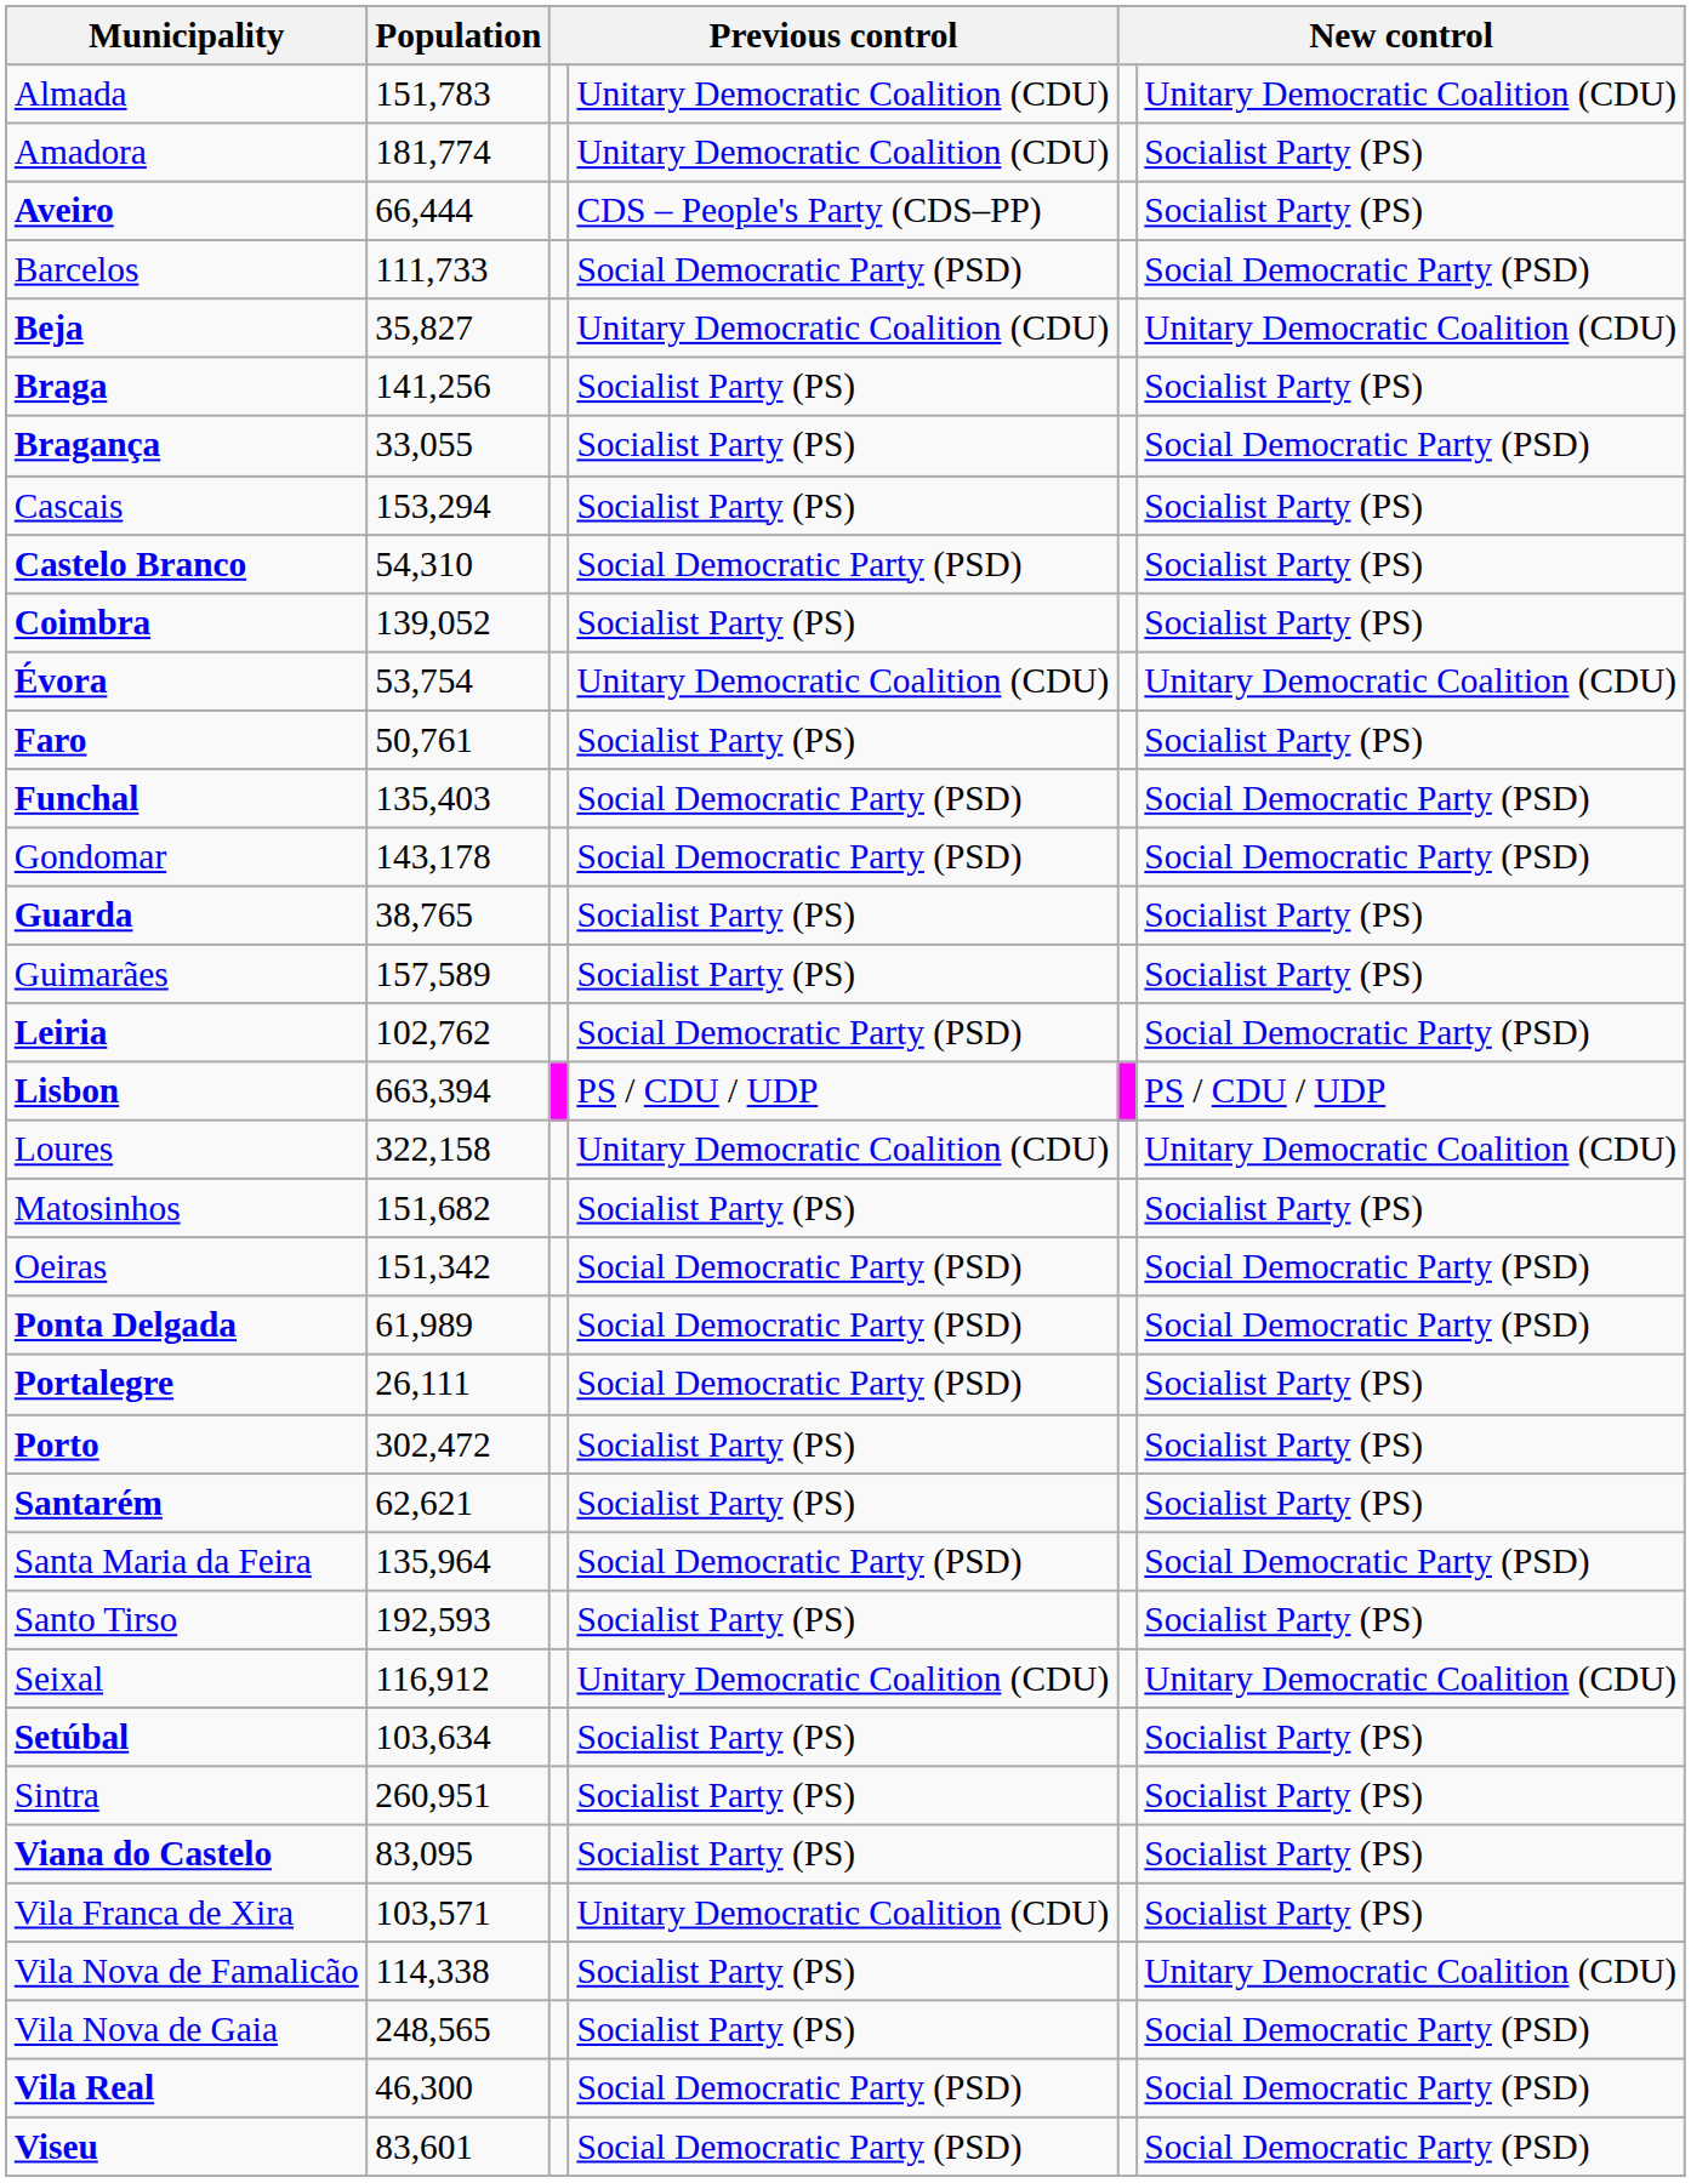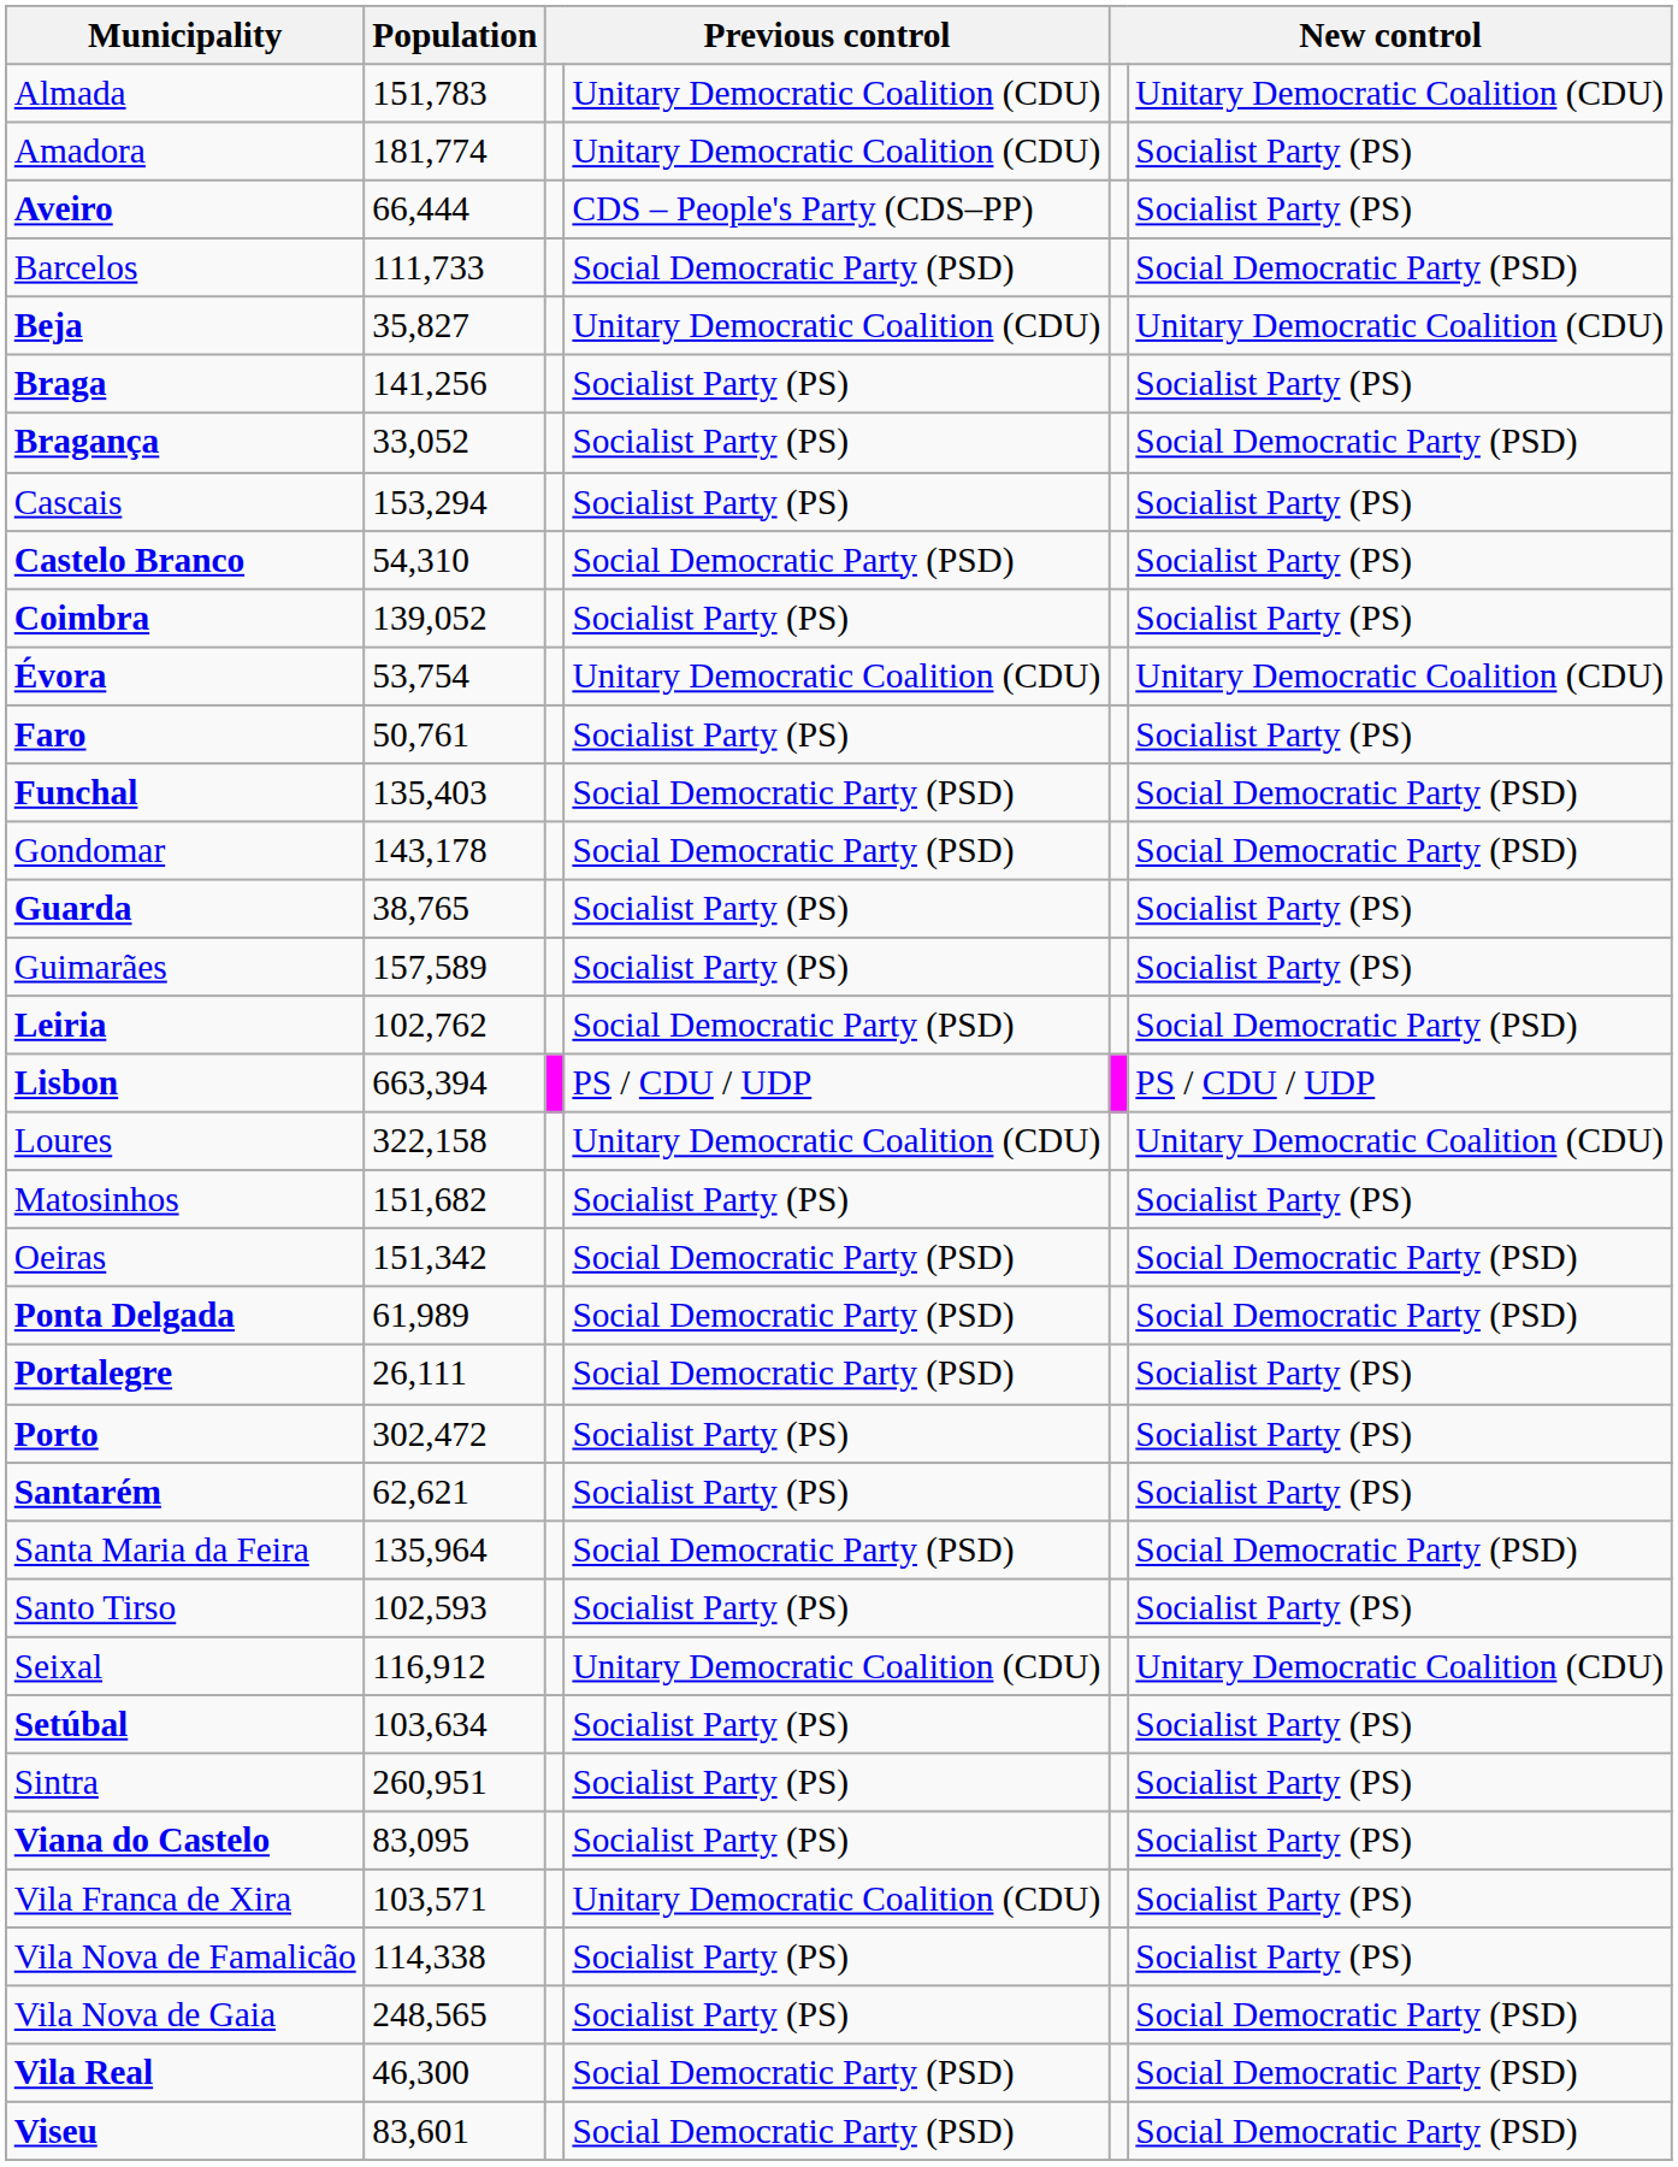 <table class="wikitable sortable" style="font-size:95%;">
 <tr>
 <th>Municipality</th>
 <th>Population</th>
 <th colspan="2" style="width:200px;">Previous control</th>
 <th colspan="2" style="width:200px;">New control</th>
 </tr>
 <tr>
 <td><a href='#'>Almada</a></td>
 <td>151,783</td>
 <td width="1" style="color:inherit;background:"></td>
 <td><a href='#'>Unitary Democratic Coalition</a> (CDU)</td>
 <td width="1" style="color:inherit;background:"></td>
 <td><a href='#'>Unitary Democratic Coalition</a> (CDU)</td>
 </tr>
 <tr>
 <td><a href='#'>Amadora</a></td>
 <td>181,774</td>
 <td width="1" style="color:inherit;background:"></td>
 <td><a href='#'>Unitary Democratic Coalition</a> (CDU)</td>
 <td width="1" style="color:inherit;background:"></td>
 <td><a href='#'>Socialist Party</a> (PS)</td>
 </tr>
 <tr>
 <td><a href='#'><strong>Aveiro</strong></a></td>
 <td>66,444</td>
 <td width="1" style="color:inherit;background:"></td>
 <td><a href='#'>CDS – People's Party</a> (CDS–PP)</td>
 <td width="1" style="color:inherit;background:"></td>
 <td><a href='#'>Socialist Party</a> (PS)</td>
 </tr>
 <tr>
 <td><a href='#'>Barcelos</a></td>
 <td>111,733</td>
 <td width="1" style="color:inherit;background:"></td>
 <td><a href='#'>Social Democratic Party</a> (PSD)</td>
 <td width="1" style="color:inherit;background:"></td>
 <td><a href='#'>Social Democratic Party</a> (PSD)</td>
 </tr>
 <tr>
 <td><a href='#'><strong>Beja</strong></a></td>
 <td>35,827</td>
 <td width="1" style="color:inherit;background:"></td>
 <td><a href='#'>Unitary Democratic Coalition</a> (CDU)</td>
 <td width="1" style="color:inherit;background:"></td>
 <td><a href='#'>Unitary Democratic Coalition</a> (CDU)</td>
 </tr>
 <tr>
 <td><strong><a href='#'>Braga</a></strong></td>
 <td>141,256</td>
 <td width="1" style="color:inherit;background:"></td>
 <td><a href='#'>Socialist Party</a> (PS)</td>
 <td width="1" style="color:inherit;background:"></td>
 <td><a href='#'>Socialist Party</a> (PS)</td>
 </tr>
 <tr>
 <td><a href='#'><strong>Bragança</strong></a></td>
-<td>33,055</td>
+<td>33,052</td>
 <td width="1" style="color:inherit;background:"></td>
 <td><a href='#'>Socialist Party</a> (PS)</td>
 <td width="1" style="color:inherit;background:"></td>
 <td><a href='#'>Social Democratic Party</a> (PSD)</td>
 </tr>
 <tr>
 <td><a href='#'>Cascais</a></td>
 <td>153,294</td>
 <td width="1" style="color:inherit;background:"></td>
 <td><a href='#'>Socialist Party</a> (PS)</td>
 <td width="1" style="color:inherit;background:"></td>
 <td><a href='#'>Socialist Party</a> (PS)</td>
 </tr>
 <tr>
 <td><a href='#'><strong>Castelo Branco</strong></a></td>
 <td>54,310</td>
 <td width="1" style="color:inherit;background:"></td>
 <td><a href='#'>Social Democratic Party</a> (PSD)</td>
 <td width="1" style="color:inherit;background:"></td>
 <td><a href='#'>Socialist Party</a> (PS)</td>
 </tr>
 <tr>
 <td><strong><a href='#'>Coimbra</a></strong></td>
 <td>139,052</td>
 <td width="1" style="color:inherit;background:"></td>
 <td><a href='#'>Socialist Party</a> (PS)</td>
 <td width="1" style="color:inherit;background:"></td>
 <td><a href='#'>Socialist Party</a> (PS)</td>
 </tr>
 <tr>
 <td><strong><a href='#'>Évora</a></strong></td>
 <td>53,754</td>
 <td width="1" style="color:inherit;background:"></td>
 <td><a href='#'>Unitary Democratic Coalition</a> (CDU)</td>
 <td width="1" style="color:inherit;background:"></td>
 <td><a href='#'>Unitary Democratic Coalition</a> (CDU)</td>
 </tr>
 <tr>
 <td><a href='#'><strong>Faro</strong></a></td>
 <td>50,761</td>
 <td width="1" style="color:inherit;background:"></td>
 <td><a href='#'>Socialist Party</a> (PS)</td>
 <td width="1" style="color:inherit;background:"></td>
 <td><a href='#'>Socialist Party</a> (PS)</td>
 </tr>
 <tr>
 <td><strong><a href='#'>Funchal</a></strong></td>
 <td>135,403</td>
 <td width="1" style="color:inherit;background:"></td>
 <td><a href='#'>Social Democratic Party</a> (PSD)</td>
 <td width="1" style="color:inherit;background:"></td>
 <td><a href='#'>Social Democratic Party</a> (PSD)</td>
 </tr>
 <tr>
 <td><a href='#'>Gondomar</a></td>
 <td>143,178</td>
 <td width="1" style="color:inherit;background:"></td>
 <td><a href='#'>Social Democratic Party</a> (PSD)</td>
 <td width="1" style="color:inherit;background:"></td>
 <td><a href='#'>Social Democratic Party</a> (PSD)</td>
 </tr>
 <tr>
 <td><a href='#'><strong>Guarda</strong></a></td>
 <td>38,765</td>
 <td width="1" style="color:inherit;background:"></td>
 <td><a href='#'>Socialist Party</a> (PS)</td>
 <td width="1" style="color:inherit;background:"></td>
 <td><a href='#'>Socialist Party</a> (PS)</td>
 </tr>
 <tr>
 <td><a href='#'>Guimarães</a></td>
 <td>157,589</td>
 <td width="1" style="color:inherit;background:"></td>
 <td><a href='#'>Socialist Party</a> (PS)</td>
 <td width="1" style="color:inherit;background:"></td>
 <td><a href='#'>Socialist Party</a> (PS)</td>
 </tr>
 <tr>
 <td><strong><a href='#'>Leiria</a></strong></td>
 <td>102,762</td>
 <td width="1" style="color:inherit;background:"></td>
 <td><a href='#'>Social Democratic Party</a> (PSD)</td>
 <td width="1" style="color:inherit;background:"></td>
 <td><a href='#'>Social Democratic Party</a> (PSD)</td>
 </tr>
 <tr>
 <td><strong><a href='#'>Lisbon</a></strong></td>
 <td>663,394</td>
 <td width="1" bgcolor="magenta"></td>
 <td><a href='#'>PS</a> / <a href='#'>CDU</a> / <a href='#'>UDP</a></td>
 <td width="1" bgcolor="magenta"></td>
 <td><a href='#'>PS</a> / <a href='#'>CDU</a> / <a href='#'>UDP</a></td>
 </tr>
 <tr>
 <td><a href='#'>Loures</a></td>
 <td>322,158</td>
 <td width="1" style="color:inherit;background:"></td>
 <td><a href='#'>Unitary Democratic Coalition</a> (CDU)</td>
 <td width="1" style="color:inherit;background:"></td>
 <td><a href='#'>Unitary Democratic Coalition</a> (CDU)</td>
 </tr>
 <tr>
 <td><a href='#'>Matosinhos</a></td>
 <td>151,682</td>
 <td width="1" style="color:inherit;background:"></td>
 <td><a href='#'>Socialist Party</a> (PS)</td>
 <td width="1" style="color:inherit;background:"></td>
 <td><a href='#'>Socialist Party</a> (PS)</td>
 </tr>
 <tr>
 <td><a href='#'>Oeiras</a></td>
 <td>151,342</td>
 <td width="1" style="color:inherit;background:"></td>
 <td><a href='#'>Social Democratic Party</a> (PSD)</td>
 <td width="1" style="color:inherit;background:"></td>
 <td><a href='#'>Social Democratic Party</a> (PSD)</td>
 </tr>
 <tr>
 <td><strong><a href='#'>Ponta Delgada</a></strong></td>
 <td>61,989</td>
 <td width="1" style="color:inherit;background:"></td>
 <td><a href='#'>Social Democratic Party</a> (PSD)</td>
 <td width="1" style="color:inherit;background:"></td>
 <td><a href='#'>Social Democratic Party</a> (PSD)</td>
 </tr>
 <tr>
 <td><a href='#'><strong>Portalegre</strong></a></td>
 <td>26,111</td>
 <td width="1" style="color:inherit;background:"></td>
 <td><a href='#'>Social Democratic Party</a> (PSD)</td>
 <td width="1" style="color:inherit;background:"></td>
 <td><a href='#'>Socialist Party</a> (PS)</td>
 </tr>
 <tr>
 <td><strong><a href='#'>Porto</a></strong></td>
 <td>302,472</td>
 <td width="1" style="color:inherit;background:"></td>
 <td><a href='#'>Socialist Party</a> (PS)</td>
 <td width="1" style="color:inherit;background:"></td>
 <td><a href='#'>Socialist Party</a> (PS)</td>
 </tr>
 <tr>
 <td><a href='#'><strong>Santarém</strong></a></td>
 <td>62,621</td>
 <td width="1" style="color:inherit;background:"></td>
 <td><a href='#'>Socialist Party</a> (PS)</td>
 <td width="1" style="color:inherit;background:"></td>
 <td><a href='#'>Socialist Party</a> (PS)</td>
 </tr>
 <tr>
 <td><a href='#'>Santa Maria da Feira</a></td>
 <td>135,964</td>
 <td width="1" style="color:inherit;background:"></td>
 <td><a href='#'>Social Democratic Party</a> (PSD)</td>
 <td width="1" style="color:inherit;background:"></td>
 <td><a href='#'>Social Democratic Party</a> (PSD)</td>
 </tr>
 <tr>
 <td><a href='#'>Santo Tirso</a></td>
-<td>192,593</td>
+<td>102,593</td>
 <td width="1" style="color:inherit;background:"></td>
 <td><a href='#'>Socialist Party</a> (PS)</td>
 <td width="1" style="color:inherit;background:"></td>
 <td><a href='#'>Socialist Party</a> (PS)</td>
 </tr>
 <tr>
 <td><a href='#'>Seixal</a></td>
 <td>116,912</td>
 <td width="1" style="color:inherit;background:"></td>
 <td><a href='#'>Unitary Democratic Coalition</a> (CDU)</td>
 <td width="1" style="color:inherit;background:"></td>
 <td><a href='#'>Unitary Democratic Coalition</a> (CDU)</td>
 </tr>
 <tr>
 <td><strong><a href='#'>Setúbal</a></strong></td>
 <td>103,634</td>
 <td width="1" style="color:inherit;background:"></td>
 <td><a href='#'>Socialist Party</a> (PS)</td>
 <td width="1" style="color:inherit;background:"></td>
 <td><a href='#'>Socialist Party</a> (PS)</td>
 </tr>
 <tr>
 <td><a href='#'>Sintra</a></td>
 <td>260,951</td>
 <td width="1" style="color:inherit;background:"></td>
 <td><a href='#'>Socialist Party</a> (PS)</td>
 <td width="1" style="color:inherit;background:"></td>
 <td><a href='#'>Socialist Party</a> (PS)</td>
 </tr>
 <tr>
 <td><strong><a href='#'>Viana do Castelo</a></strong></td>
 <td>83,095</td>
 <td width="1" style="color:inherit;background:"></td>
 <td><a href='#'>Socialist Party</a> (PS)</td>
 <td width="1" style="color:inherit;background:"></td>
 <td><a href='#'>Socialist Party</a> (PS)</td>
 </tr>
 <tr>
 <td><a href='#'>Vila Franca de Xira</a></td>
 <td>103,571</td>
 <td width="1" style="color:inherit;background:"></td>
 <td><a href='#'>Unitary Democratic Coalition</a> (CDU)</td>
 <td width="1" style="color:inherit;background:"></td>
 <td><a href='#'>Socialist Party</a> (PS)</td>
 </tr>
 <tr>
 <td><a href='#'>Vila Nova de Famalicão</a></td>
 <td>114,338</td>
 <td width="1" style="color:inherit;background:"></td>
 <td><a href='#'>Socialist Party</a> (PS)</td>
 <td width="1" style="color:inherit;background:"></td>
-<td><a href='#'>Unitary Democratic Coalition</a> (CDU)</td>
+<td><a href='#'>Socialist Party</a> (PS)</td>
 </tr>
 <tr>
 <td><a href='#'>Vila Nova de Gaia</a></td>
 <td>248,565</td>
 <td width="1" style="color:inherit;background:"></td>
 <td><a href='#'>Socialist Party</a> (PS)</td>
 <td width="1" style="color:inherit;background:"></td>
 <td><a href='#'>Social Democratic Party</a> (PSD)</td>
 </tr>
 <tr>
 <td><strong><a href='#'>Vila Real</a></strong></td>
 <td>46,300</td>
 <td width="1" style="color:inherit;background:"></td>
 <td><a href='#'>Social Democratic Party</a> (PSD)</td>
 <td width="1" style="color:inherit;background:"></td>
 <td><a href='#'>Social Democratic Party</a> (PSD)</td>
 </tr>
 <tr>
 <td><strong><a href='#'>Viseu</a></strong></td>
 <td>83,601</td>
 <td width="1" style="color:inherit;background:"></td>
 <td><a href='#'>Social Democratic Party</a> (PSD)</td>
 <td width="1" style="color:inherit;background:"></td>
 <td><a href='#'>Social Democratic Party</a> (PSD)</td>
 </tr>
 </table>
